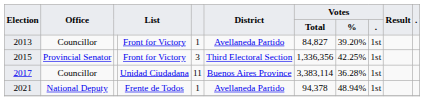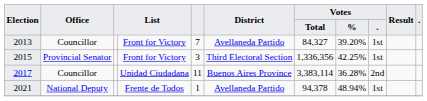 <table class="wikitable" style="font-size:90%; text-align:center;">
 <tr>
 <th style="background-color:#EAECF0;" rowspan=2>Election</th>
 <th style="background-color:#EAECF0;" rowspan=2>Office</th>
 <th style="background-color:#EAECF0;" colspan=2 rowspan=2>List</th>
 <th style="background-color:#EAECF0;" rowspan=2></th>
 <th style="background-color:#EAECF0;" rowspan=2>District</th>
 <th style="background-color:#EAECF0;" colspan=3>Votes</th>
 <th style="background-color:#EAECF0;" rowspan=2>Result</th>
 <th style="background-color:#EAECF0;" rowspan=2>.</th>
 </tr>
 <tr>
 <th style="background-color:#EAECF0;">Total</th>
 <th style="background-color:#EAECF0;">%</th>
 <th style="background-color:#EAECF0;">.</th>
 </tr>
 <tr>
 <td style="background-color:#EAECF0;">2013</td>
 <td>Councillor</td>
 <td style="background-color:"></td>
 <td><a href='#'>Front for Victory</a></td>
-<td>1</td>
+<td>7</td>
 <td><a href='#'>Avellaneda Partido</a></td>
-<td>84,827</td>
+<td>84,327</td>
 <td>39.20%</td>
 <td>1st</td>
 <td></td>
 <td></td>
 </tr>
 <tr>
 <td style="background-color:#EAECF0;">2015</td>
 <td><a href='#'>Provincial Senator</a></td>
 <td style="background-color:"></td>
 <td><a href='#'>Front for Victory</a></td>
 <td>3</td>
 <td><a href='#'>Third Electoral Section</a></td>
 <td>1,336,356</td>
 <td>42.25%</td>
 <td>1st</td>
 <td></td>
 <td></td>
 </tr>
 <tr>
 <td style="background-color:#EAECF0;"><a href='#'>2017</a></td>
 <td>Councillor</td>
 <td style="background-color:"></td>
 <td><a href='#'>Unidad Ciudadana</a></td>
 <td>11</td>
 <td><a href='#'>Buenos Aires Province</a></td>
 <td>3,383,114</td>
 <td>36.28%</td>
-<td>1st</td>
+<td>2nd</td>
 <td></td>
 <td></td>
 </tr>
 <tr>
 <td style="background-color:#EAECF0;">2021</td>
 <td><a href='#'>National Deputy</a></td>
 <td style="background-color:"></td>
 <td><a href='#'>Frente de Todos</a></td>
 <td>1</td>
 <td><a href='#'>Avellaneda Partido</a></td>
 <td>94,378</td>
 <td>48.94%</td>
 <td>1st</td>
 <td></td>
 <td></td>
 </tr>
 <tr>
 </tr>
 </table>
